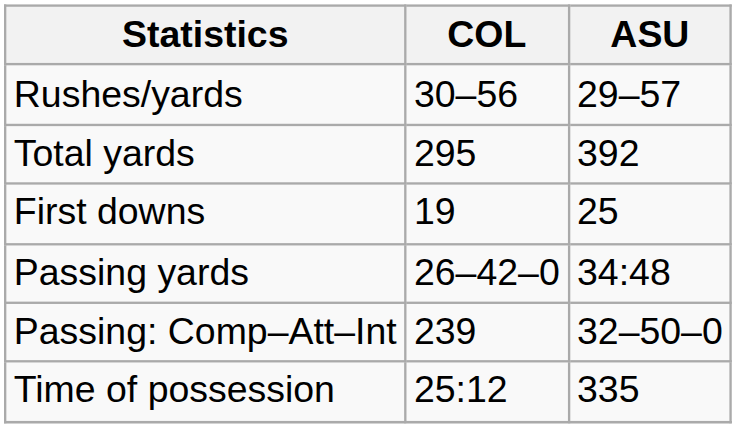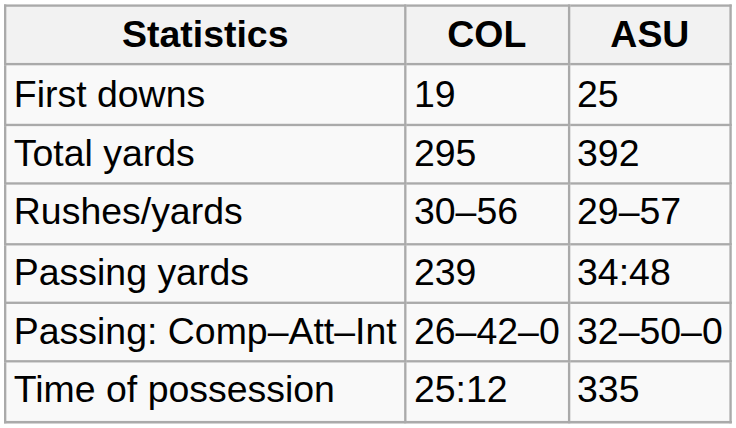 <table class="wikitable" style="float: left;">
 <tr>
 <th>Statistics</th>
 <th>COL</th>
 <th>ASU</th>
 </tr>
 <tr>
-<td>Rushes/yards</td>
-<td>30–56</td>
-<td>29–57</td>
+<td>First downs</td>
+<td>19</td>
+<td>25</td>
 </tr>
 <tr>
 <td>Total yards</td>
 <td>295</td>
 <td>392</td>
 </tr>
 <tr>
-<td>First downs</td>
-<td>19</td>
-<td>25</td>
+<td>Rushes/yards</td>
+<td>30–56</td>
+<td>29–57</td>
 </tr>
 <tr>
 <td>Passing yards</td>
-<td>26–42–0</td>
+<td>239</td>
 <td>34:48</td>
 </tr>
 <tr>
 <td>Passing: Comp–Att–Int</td>
-<td>239</td>
+<td>26–42–0</td>
 <td>32–50–0</td>
 </tr>
 <tr>
 <td>Time of possession</td>
 <td>25:12</td>
 <td>335</td>
 </tr>
 <tr>
 </tr>
 </table>
